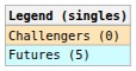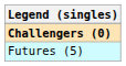 <table class="wikitable">
 <tr>
 <th>Legend (singles)</th>
 </tr>
 <tr bgcolor="#e5d1cb">
 </tr>
 <tr bgcolor="moccasin">
-<td>Challengers (0)</td>
+<td><strong>Challengers (0)</strong></td>
 </tr>
 <tr bgcolor="CFFCFF">
 <td>Futures (5)</td>
 </tr>
 </table>
